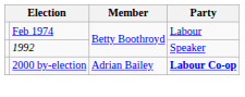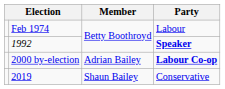 <table class="wikitable">
 <tr>
 <th colspan="2">Election</th>
 <th>Member</th>
 <th>Party</th>
 </tr>
 <tr>
 <td style="color:inherit;background-color: "></td>
 <td><a href='#'>Feb 1974</a></td>
 <td rowspan="2"><a href='#'>Betty Boothroyd</a></td>
 <td><a href='#'>Labour</a></td>
 </tr>
 <tr>
 <td style="color:inherit;background-color: "></td>
 <td><em>1992</em></td>
-<td><a href='#'>Speaker</a></td>
+<td><strong><a href='#'>Speaker</a></strong></td>
 </tr>
 <tr>
 <td style="color:inherit;background-color: "></td>
 <td><a href='#'>2000 by-election</a></td>
 <td><a href='#'>Adrian Bailey</a></td>
 <td><strong><a href='#'>Labour Co-op</a></strong></td>
 </tr>
+<tr>
+<td style="color:inherit;background-color: "></td>
+<td><a href='#'>2019</a></td>
+<td><a href='#'>Shaun Bailey</a></td>
+<td><a href='#'>Conservative</a></td>
+</tr>
 </table>
